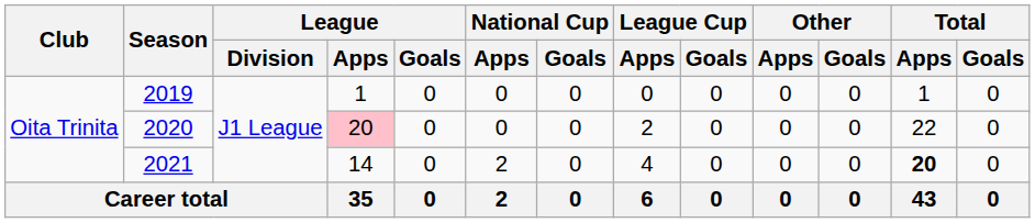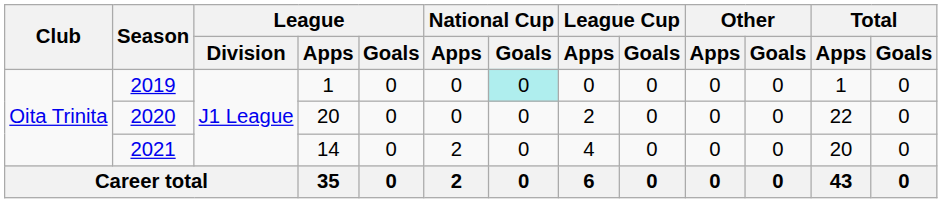 <table class="wikitable" style="text-align: center">
 <tr>
 <th rowspan="2">Club</th>
 <th rowspan="2">Season</th>
 <th colspan="3">League</th>
 <th colspan="2">National Cup</th>
 <th colspan="2">League Cup</th>
 <th colspan="2">Other</th>
 <th colspan="2">Total</th>
 </tr>
 <tr>
 <th>Division</th>
 <th>Apps</th>
 <th>Goals</th>
 <th>Apps</th>
 <th>Goals</th>
 <th>Apps</th>
 <th>Goals</th>
 <th>Apps</th>
 <th>Goals</th>
 <th>Apps</th>
 <th>Goals</th>
 </tr>
 <tr>
 <td rowspan="3"><a href='#'>Oita Trinita</a></td>
 <td><a href='#'>2019</a></td>
 <td rowspan="3"><a href='#'>J1 League</a></td>
 <td>1</td>
 <td>0</td>
 <td>0</td>
-<td>0</td>
+<td style="background: paleturquoise;">0</td>
 <td>0</td>
 <td>0</td>
 <td>0</td>
 <td>0</td>
 <td>1</td>
 <td>0</td>
 </tr>
 <tr>
 <td><a href='#'>2020</a></td>
-<td style="background: pink;">20</td>
+<td>20</td>
 <td>0</td>
 <td>0</td>
 <td>0</td>
 <td>2</td>
 <td>0</td>
 <td>0</td>
 <td>0</td>
 <td>22</td>
 <td>0</td>
 </tr>
 <tr>
 <td><a href='#'>2021</a></td>
 <td>14</td>
 <td>0</td>
 <td>2</td>
 <td>0</td>
 <td>4</td>
 <td>0</td>
 <td>0</td>
 <td>0</td>
-<td><strong>20</strong></td>
+<td>20</td>
 <td>0</td>
 </tr>
 <tr>
 <th colspan=3>Career total</th>
 <th>35</th>
 <th>0</th>
 <th>2</th>
 <th>0</th>
 <th>6</th>
 <th>0</th>
 <th>0</th>
 <th>0</th>
 <th>43</th>
 <th>0</th>
 </tr>
 </table>
